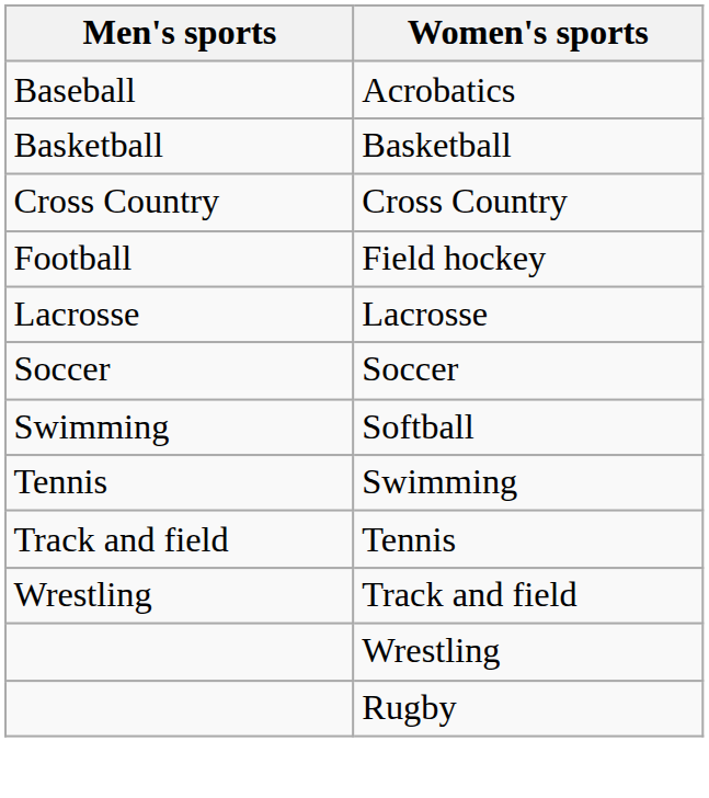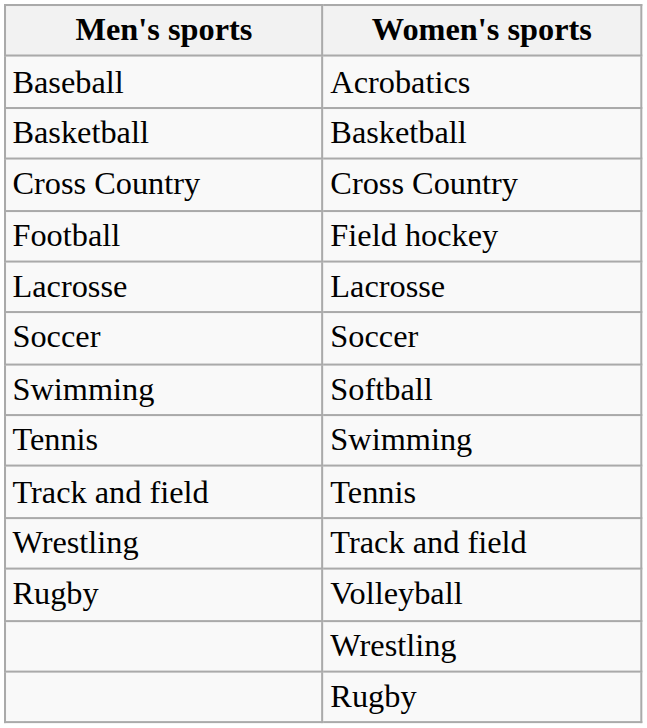 <table class="wikitable"; style= "text-align: ">
 <tr>
 <th width=150px>Men's sports</th>
 <th width=150px>Women's sports</th>
 </tr>
 <tr>
 <td>Baseball</td>
 <td>Acrobatics</td>
 </tr>
 <tr>
 <td>Basketball</td>
 <td>Basketball</td>
 </tr>
 <tr>
 <td>Cross Country</td>
 <td>Cross Country</td>
 </tr>
 <tr>
 <td>Football</td>
 <td>Field hockey</td>
 </tr>
 <tr>
 <td>Lacrosse</td>
 <td>Lacrosse</td>
 </tr>
 <tr>
 <td>Soccer</td>
 <td>Soccer</td>
 </tr>
 <tr>
 <td>Swimming</td>
 <td>Softball</td>
 </tr>
 <tr>
 <td>Tennis</td>
 <td>Swimming</td>
 </tr>
 <tr>
 <td>Track and field</td>
 <td>Tennis</td>
 </tr>
 <tr>
 <td>Wrestling</td>
 <td>Track and field</td>
 </tr>
 <tr>
+<td>Rugby </td>
+<td>Volleyball</td>
+</tr>
+<tr>
 <td></td>
 <td>Wrestling</td>
 </tr>
 <tr>
 <td></td>
 <td>Rugby </td>
 </tr>
 </table>
